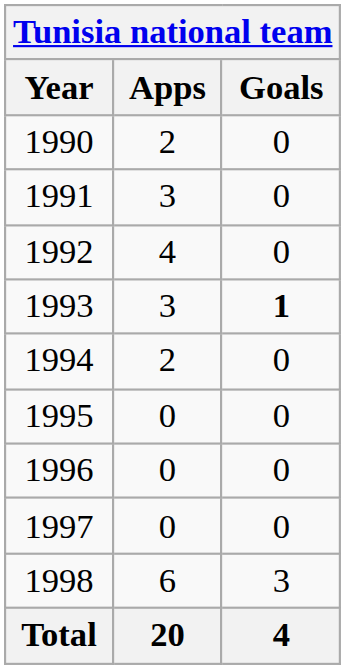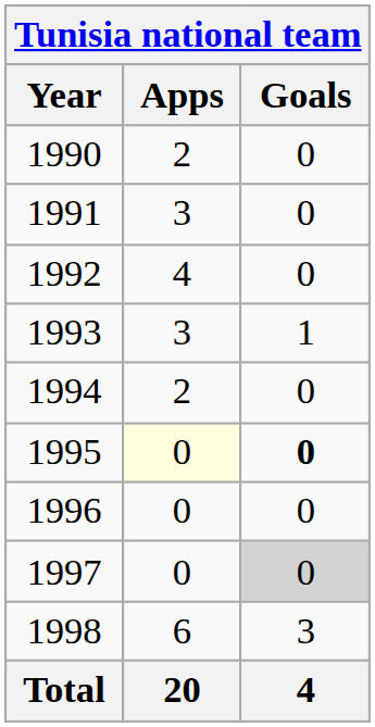 <table class="wikitable" style="text-align:center">
 <tr>
 <th colspan=3><a href='#'>Tunisia national team</a></th>
 </tr>
 <tr>
 <th>Year</th>
 <th>Apps</th>
 <th>Goals</th>
 </tr>
 <tr>
 <td>1990</td>
 <td>2</td>
 <td>0</td>
 </tr>
 <tr>
 <td>1991</td>
 <td>3</td>
 <td>0</td>
 </tr>
 <tr>
 <td>1992</td>
 <td>4</td>
 <td>0</td>
 </tr>
 <tr>
 <td>1993</td>
 <td>3</td>
-<td><strong>1</strong></td>
+<td>1</td>
 </tr>
 <tr>
 <td>1994</td>
 <td>2</td>
 <td>0</td>
 </tr>
 <tr>
 <td>1995</td>
-<td>0</td>
-<td>0</td>
+<td style="background: lightyellow;">0</td>
+<td><strong>0</strong></td>
 </tr>
 <tr>
 <td>1996</td>
 <td>0</td>
 <td>0</td>
 </tr>
 <tr>
 <td>1997</td>
 <td>0</td>
-<td>0</td>
+<td style="background: lightgrey;">0</td>
 </tr>
 <tr>
 <td>1998</td>
 <td>6</td>
 <td>3</td>
 </tr>
 <tr>
 <th>Total</th>
 <th>20</th>
 <th>4</th>
 </tr>
 </table>
